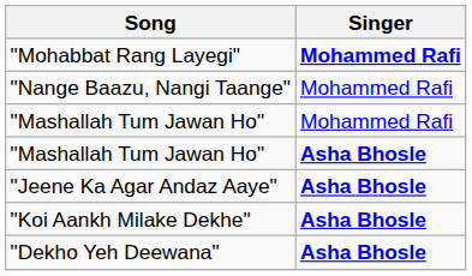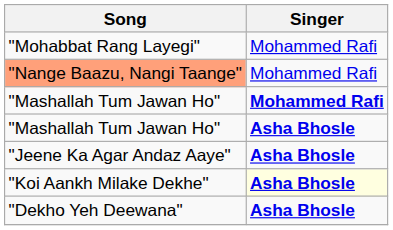 <table class="wikitable" style="font-size:95%;">
 <tr>
 <th>Song</th>
 <th>Singer</th>
 </tr>
 <tr>
 <td>"Mohabbat Rang Layegi"</td>
-<td><strong><a href='#'>Mohammed Rafi</a></strong></td>
+<td><a href='#'>Mohammed Rafi</a></td>
 </tr>
 <tr>
-<td>"Nange Baazu, Nangi Taange"</td>
+<td style="background: lightsalmon;">"Nange Baazu, Nangi Taange"</td>
 <td><a href='#'>Mohammed Rafi</a></td>
 </tr>
 <tr>
 <td>"Mashallah Tum Jawan Ho"</td>
-<td><a href='#'>Mohammed Rafi</a></td>
+<td><strong><a href='#'>Mohammed Rafi</a></strong></td>
 </tr>
 <tr>
 <td>"Mashallah Tum Jawan Ho"</td>
 <td><strong><a href='#'>Asha Bhosle</a></strong></td>
 </tr>
 <tr>
 <td>"Jeene Ka Agar Andaz Aaye"</td>
 <td><strong><a href='#'>Asha Bhosle</a></strong></td>
 </tr>
 <tr>
 <td>"Koi Aankh Milake Dekhe"</td>
-<td><strong><a href='#'>Asha Bhosle</a></strong></td>
+<td style="background: lightyellow;"><strong><a href='#'>Asha Bhosle</a></strong></td>
 </tr>
 <tr>
 <td>"Dekho Yeh Deewana"</td>
 <td><strong><a href='#'>Asha Bhosle</a></strong></td>
 </tr>
 <tr>
 </tr>
 </table>
